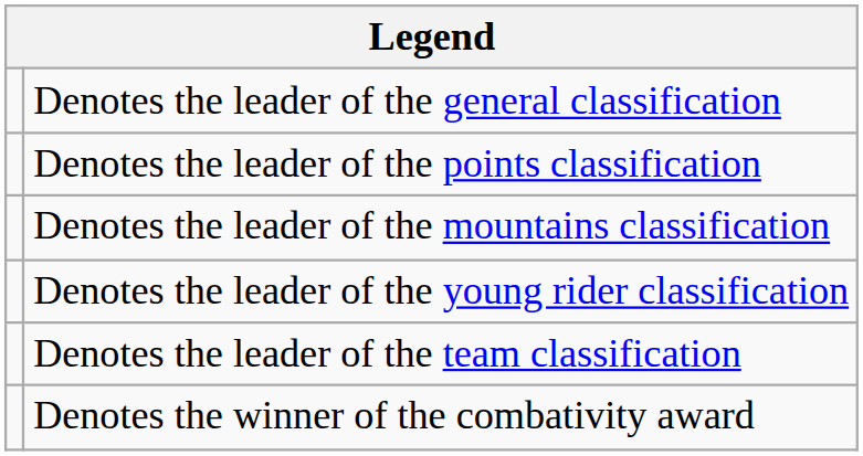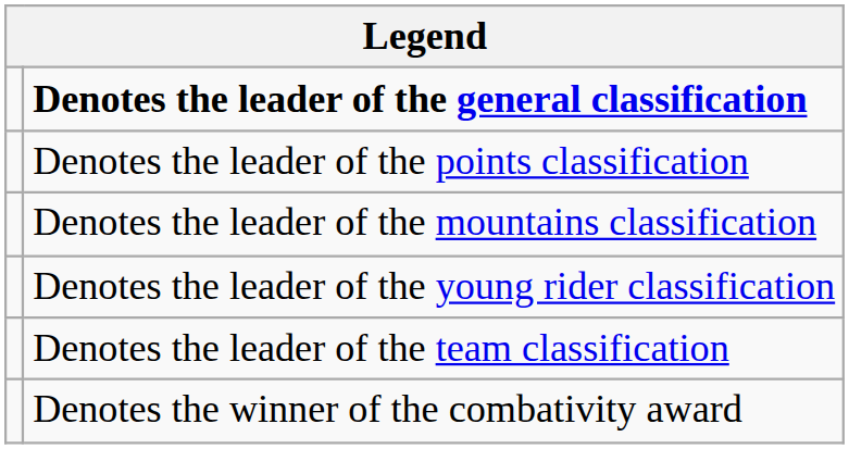 <table class="wikitable">
 <tr>
 <th scope="col" colspan="4">Legend</th>
 </tr>
 <tr>
 <td></td>
-<td>Denotes the leader of the <a href='#'>general classification</a></td>
+<td><strong>Denotes the leader of the <a href='#'>general classification</a></strong></td>
 </tr>
 <tr>
 <td></td>
 <td>Denotes the leader of the <a href='#'>points classification</a></td>
 </tr>
 <tr>
 <td></td>
 <td>Denotes the leader of the <a href='#'>mountains classification</a></td>
 </tr>
 <tr>
 <td></td>
 <td>Denotes the leader of the <a href='#'>young rider classification</a></td>
 </tr>
 <tr>
 <td></td>
 <td>Denotes the leader of the <a href='#'>team classification</a></td>
 </tr>
 <tr>
 <td></td>
 <td>Denotes the winner of the combativity award</td>
 </tr>
 </table>
